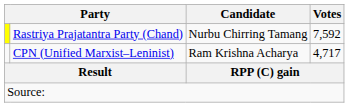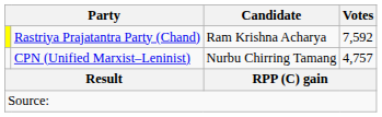 <table class="wikitable">
 <tr>
 <th colspan="2">Party</th>
 <th>Candidate</th>
 <th>Votes</th>
 </tr>
 <tr>
 <td style="background-color:yellow"></td>
 <td><a href='#'>Rastriya Prajatantra Party (Chand)</a></td>
-<td>Nurbu Chirring Tamang</td>
+<td>Ram Krishna Acharya</td>
 <td>7,592</td>
 </tr>
 <tr>
 <td style="background-color:"></td>
 <td><a href='#'>CPN (Unified Marxist–Leninist)</a></td>
-<td>Ram Krishna Acharya</td>
-<td>4,717</td>
+<td>Nurbu Chirring Tamang</td>
+<td>4,757</td>
 </tr>
 <tr>
 <th colspan="2">Result</th>
 <th colspan="2">RPP (C) gain</th>
 </tr>
 <tr>
 <td colspan="4">Source: </td>
 </tr>
 </table>
